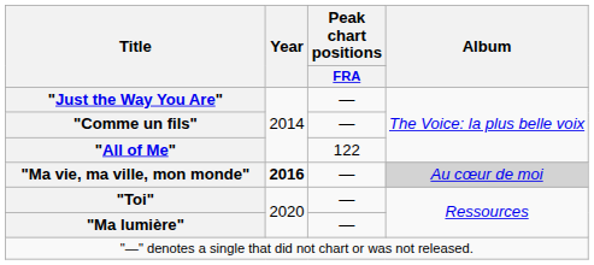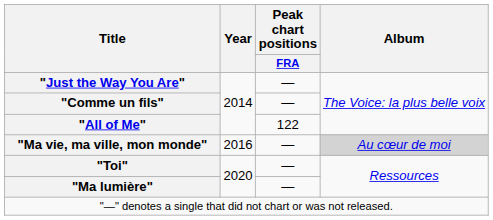 <table class="wikitable plainrowheaders" style="text-align:center;">
 <tr>
 <th scope="col" rowspan="2" style="width:16em;">Title</th>
 <th scope="col" rowspan="2" style="width:1em;">Year</th>
 <th scope="col" colspan="1">Peak chart positions</th>
 <th scope="col" rowspan="2">Album</th>
 </tr>
 <tr>
 <th scope="col" style="width:3em;font-size:85%;"><a href='#'>FRA</a><br></th>
 </tr>
 <tr>
 <th scope="row">"<a href='#'>Just the Way You Are</a>"</th>
 <td rowspan="3">2014</td>
 <td>—</td>
 <td rowspan="3"><em><a href='#'>The Voice: la plus belle voix</a></em></td>
 </tr>
 <tr>
 <th scope="row">"Comme un fils"</th>
 <td>—</td>
 </tr>
 <tr>
 <th scope="row">"<a href='#'>All of Me</a>"</th>
 <td>122</td>
 </tr>
 <tr>
 <th scope="row">"Ma vie, ma ville, mon monde"</th>
-<td><strong>2016</strong></td>
+<td>2016</td>
 <td>—</td>
 <td style="background: lightgrey;"><em><a href='#'>Au cœur de moi</a></em></td>
 </tr>
 <tr>
 <th scope="row">"Toi"</th>
 <td rowspan="2">2020</td>
 <td>—</td>
 <td rowspan="2"><em><a href='#'>Ressources</a></em></td>
 </tr>
 <tr>
 <th scope="row">"Ma lumière"</th>
 <td>—</td>
 </tr>
 <tr>
 <td colspan="22" style="text-align:center; font-size:85%;">"—" denotes a single that did not chart or was not released.</td>
 </tr>
 </table>
